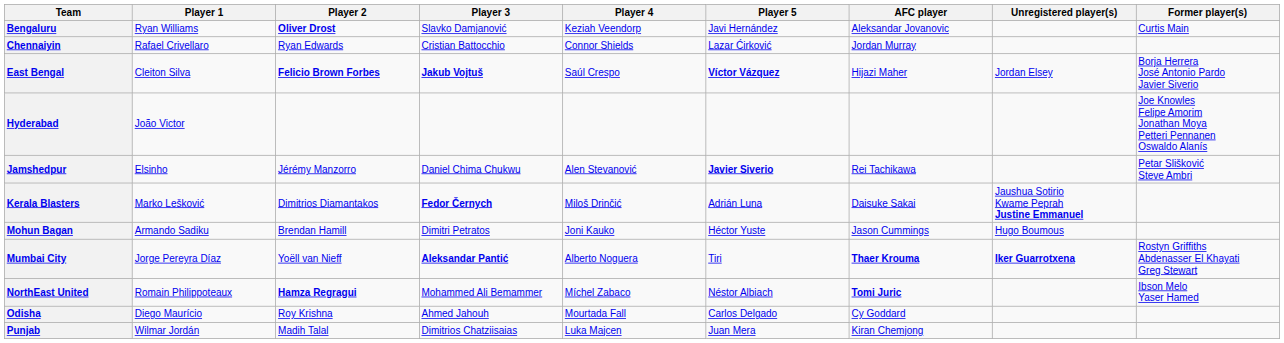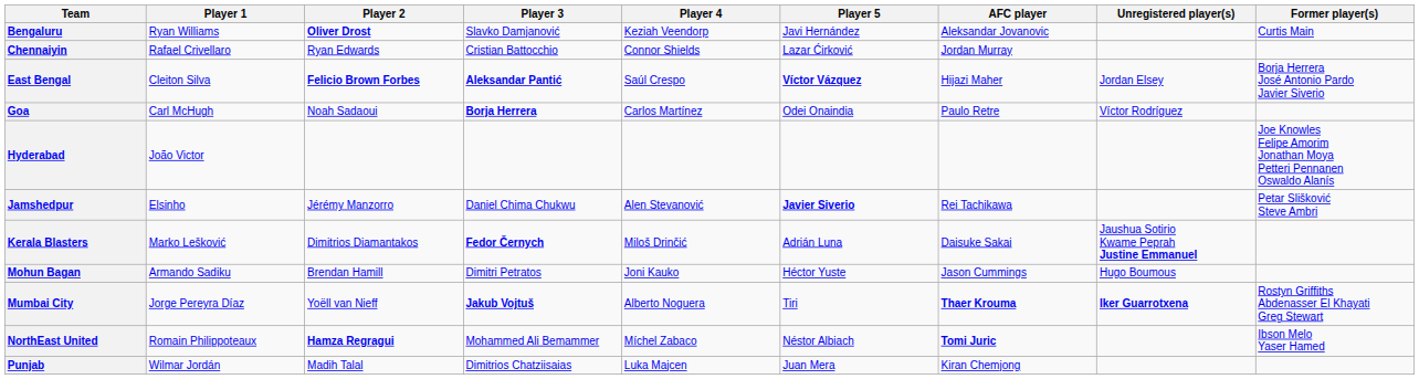 <table class="wikitable" style="text-align: left; font-size:small;">
 <tr>
 <th scope=col style="width:160px;">Team</th>
 <th scope=col style="width:180px;">Player 1</th>
 <th scope=col style="width:180px;">Player 2</th>
 <th scope=col style="width:180px;">Player 3</th>
 <th scope=col style="width:180px;">Player 4</th>
 <th scope=col style="width:180px;">Player 5</th>
 <th scope=col style="width:180px;">AFC player</th>
 <th scope=col style="width:180px;">Unregistered player(s)</th>
 <th scope=col style="width:180px;">Former player(s)</th>
 </tr>
 <tr>
 <th scope=row style="text-align: left;"><a href='#'>Bengaluru</a></th>
 <td> <a href='#'>Ryan Williams</a></td>
 <td> <strong><a href='#'>Oliver Drost</a></strong></td>
 <td> <a href='#'>Slavko Damjanović</a></td>
 <td> <a href='#'>Keziah Veendorp</a></td>
 <td> <a href='#'>Javi Hernández</a></td>
 <td> <a href='#'>Aleksandar Jovanovic</a></td>
 <td></td>
 <td> <a href='#'>Curtis Main</a></td>
 </tr>
 <tr>
 <th scope=row style="text-align: left;"><a href='#'>Chennaiyin</a></th>
 <td> <a href='#'>Rafael Crivellaro</a></td>
 <td> <a href='#'>Ryan Edwards</a></td>
 <td> <a href='#'>Cristian Battocchio</a></td>
 <td> <a href='#'>Connor Shields</a></td>
 <td> <a href='#'>Lazar Ćirković</a></td>
 <td> <a href='#'>Jordan Murray</a></td>
 <td></td>
 <td></td>
 </tr>
 <tr>
 <th scope=row style="text-align: left;"><a href='#'>East Bengal</a></th>
 <td> <a href='#'>Cleiton Silva</a></td>
 <td> <strong><a href='#'>Felicio Brown Forbes</a></strong></td>
-<td> <strong><a href='#'>Jakub Vojtuš</a></strong></td>
+<td> <strong><a href='#'>Aleksandar Pantić</a></strong></td>
 <td> <a href='#'>Saúl Crespo</a></td>
 <td> <strong><a href='#'>Víctor Vázquez</a></strong></td>
 <td> <a href='#'>Hijazi Maher</a></td>
 <td> <a href='#'>Jordan Elsey</a><br></td>
 <td><span> <a href='#'>Borja Herrera</a><br> <a href='#'>José Antonio Pardo</a></span><br> <a href='#'>Javier Siverio</a></td>
+</tr>
+<tr>
+<th scope=row style="text-align: left;"><a href='#'>Goa</a></th>
+<td> <a href='#'>Carl McHugh</a></td>
+<td> <a href='#'>Noah Sadaoui</a></td>
+<td> <strong><a href='#'>Borja Herrera</a></strong></td>
+<td> <a href='#'>Carlos Martínez</a></td>
+<td> <a href='#'>Odei Onaindia</a></td>
+<td> <a href='#'>Paulo Retre</a></td>
+<td> <a href='#'>Víctor Rodríguez</a></td>
+<td></td>
 </tr>
 <tr>
 <th scope=row style="text-align: left;"><a href='#'>Hyderabad</a></th>
 <td> <a href='#'>João Victor</a></td>
 <td></td>
 <td></td>
 <td></td>
 <td></td>
 <td></td>
 <td></td>
 <td><span> <a href='#'>Joe Knowles</a><br> <a href='#'>Felipe Amorim</a><br> <a href='#'>Jonathan Moya</a><br> <a href='#'>Petteri Pennanen</a></span><br> <a href='#'>Oswaldo Alanís</a></td>
 </tr>
 <tr>
 <th scope=row style="text-align: left;"><a href='#'>Jamshedpur</a></th>
 <td> <a href='#'>Elsinho</a></td>
 <td> <a href='#'>Jérémy Manzorro</a></td>
 <td> <a href='#'>Daniel Chima Chukwu</a></td>
 <td> <a href='#'>Alen Stevanović</a></td>
 <td> <strong><a href='#'>Javier Siverio</a></strong></td>
 <td> <a href='#'>Rei Tachikawa</a></td>
 <td></td>
 <td> <a href='#'>Petar Slišković</a><br> <a href='#'>Steve Ambri</a></td>
 </tr>
 <tr>
 <th scope=row style="text-align: left;"><a href='#'>Kerala Blasters</a></th>
 <td> <a href='#'>Marko Lešković</a></td>
 <td> <a href='#'>Dimitrios Diamantakos</a></td>
 <td> <strong><a href='#'>Fedor Černych</a></strong></td>
 <td> <a href='#'>Miloš Drinčić</a></td>
 <td> <a href='#'>Adrián Luna</a></td>
 <td> <a href='#'>Daisuke Sakai</a></td>
 <td><span> <a href='#'>Jaushua Sotirio</a></span><br> <a href='#'>Kwame Peprah</a><br> <strong><a href='#'>Justine Emmanuel</a></strong></td>
 <td></td>
 </tr>
 <tr>
 <th scope=row style="text-align: left;"><a href='#'>Mohun Bagan</a></th>
 <td> <a href='#'>Armando Sadiku</a></td>
 <td> <a href='#'>Brendan Hamill</a></td>
 <td> <a href='#'>Dimitri Petratos</a></td>
 <td> <a href='#'>Joni Kauko</a></td>
 <td> <a href='#'>Héctor Yuste</a></td>
 <td> <a href='#'>Jason Cummings</a></td>
 <td> <a href='#'>Hugo Boumous</a></td>
 <td></td>
 </tr>
 <tr>
 <th scope=row style="text-align: left;"><a href='#'>Mumbai City</a></th>
 <td> <a href='#'>Jorge Pereyra Díaz</a></td>
 <td> <a href='#'>Yoëll van Nieff</a></td>
-<td> <strong><a href='#'>Aleksandar Pantić</a></strong></td>
+<td> <strong><a href='#'>Jakub Vojtuš</a></strong></td>
 <td> <a href='#'>Alberto Noguera</a></td>
 <td> <a href='#'>Tiri</a></td>
 <td> <strong><a href='#'>Thaer Krouma</a></strong></td>
 <td> <strong><a href='#'>Iker Guarrotxena</a></strong></td>
 <td> <a href='#'>Rostyn Griffiths</a><br> <a href='#'>Abdenasser El Khayati</a><br> <a href='#'>Greg Stewart</a></td>
 </tr>
 <tr>
 <th scope=row style="text-align: left;"><a href='#'>NorthEast United</a></th>
 <td> <a href='#'>Romain Philippoteaux</a></td>
 <td> <strong><a href='#'>Hamza Regragui</a></strong></td>
 <td> <a href='#'>Mohammed Ali Bemammer</a></td>
 <td> <a href='#'>Míchel Zabaco</a></td>
 <td> <a href='#'>Néstor Albiach</a></td>
 <td> <strong><a href='#'>Tomi Juric</a></strong></td>
 <td></td>
 <td> <a href='#'>Ibson Melo</a><br> <a href='#'>Yaser Hamed</a></td>
 </tr>
 <tr>
-<th scope=row style="text-align: left;"><a href='#'>Odisha</a></th>
-<td> <a href='#'>Diego Maurício</a></td>
-<td> <a href='#'>Roy Krishna</a></td>
-<td> <a href='#'>Ahmed Jahouh</a></td>
-<td> <a href='#'>Mourtada Fall</a></td>
-<td> <a href='#'>Carlos Delgado</a></td>
-<td> <a href='#'>Cy Goddard</a></td>
-<td></td>
-<td></td>
-</tr>
-<tr>
 <th scope=row style="text-align: left;"><a href='#'>Punjab</a></th>
 <td> <a href='#'>Wilmar Jordán</a></td>
 <td> <a href='#'>Madih Talal</a></td>
 <td> <a href='#'>Dimitrios Chatziisaias</a></td>
 <td> <a href='#'>Luka Majcen</a></td>
 <td> <a href='#'>Juan Mera</a></td>
 <td> <a href='#'>Kiran Chemjong</a></td>
 <td></td>
 <td></td>
 </tr>
 </table>
